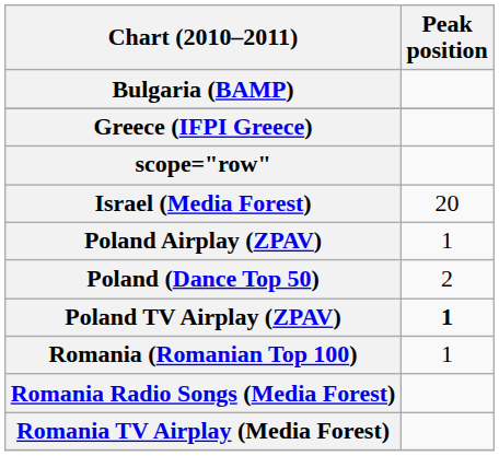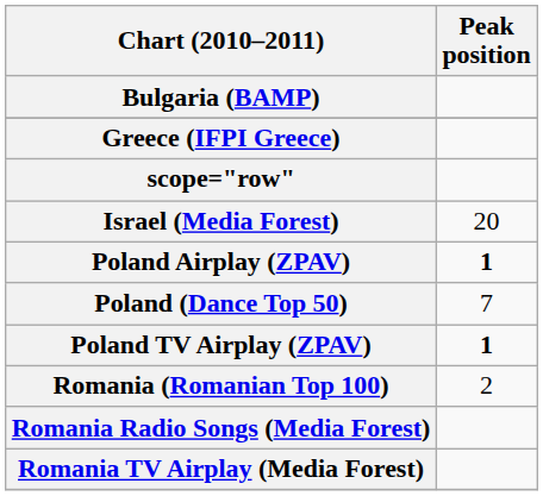 <table class="wikitable sortable plainrowheaders">
 <tr>
 <th>Chart (2010–2011)</th>
 <th>Peak<br>position</th>
 </tr>
 <tr>
 <th scope="row">Bulgaria (<a href='#'>BAMP</a>)</th>
 <td></td>
 </tr>
 <tr>
 </tr>
 <tr>
 <th scope="row">Greece (<a href='#'>IFPI Greece</a>)</th>
 <td></td>
 </tr>
 <tr>
 <th>scope="row"</th>
 </tr>
 <tr>
 <th scope="row">Israel (<a href='#'>Media Forest</a>)</th>
 <td align="center">20</td>
 </tr>
 <tr>
 <th scope="row">Poland Airplay (<a href='#'>ZPAV</a>)</th>
-<td align="center">1</td>
+<td align="center"><strong>1</strong></td>
 </tr>
 <tr>
 <th scope="row">Poland (<a href='#'>Dance Top 50</a>)</th>
-<td align="center">2</td>
+<td align="center">7</td>
 </tr>
 <tr>
 <th scope="row">Poland TV Airplay (<a href='#'>ZPAV</a>)</th>
 <td align=center><strong>1</strong></td>
 </tr>
 <tr>
 <th scope="row">Romania (<a href='#'>Romanian Top 100</a>)</th>
-<td style="text-align:center;">1</td>
+<td style="text-align:center;">2</td>
 </tr>
 <tr>
 <th scope="row"><a href='#'>Romania Radio Songs</a> (<a href='#'>Media Forest</a>)</th>
 <td></td>
 </tr>
 <tr>
 <th scope="row"><a href='#'>Romania TV Airplay</a> (Media Forest)</th>
 <td></td>
 </tr>
 <tr>
 </tr>
 </table>
